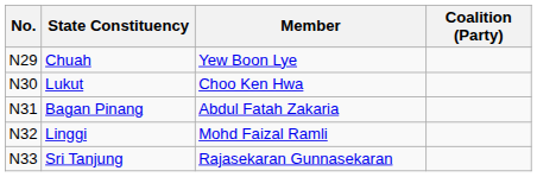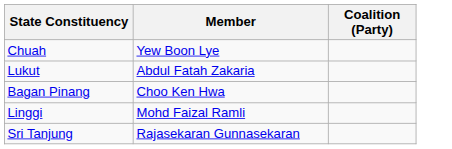 <table class="wikitable">
 <tr>
-<th width="30">No.</th>
 <th width="150">State Constituency</th>
 <th width="230">Member</th>
 <th width="100">Coalition (Party)</th>
 </tr>
 <tr>
-<td>N29</td>
 <td><a href='#'>Chuah</a></td>
 <td><a href='#'>Yew Boon Lye</a></td>
 <td></td>
 </tr>
 <tr>
-<td>N30</td>
 <td><a href='#'>Lukut</a></td>
+<td><a href='#'>Abdul Fatah Zakaria</a></td>
+<td></td>
+</tr>
+<tr>
+<td><a href='#'>Bagan Pinang</a></td>
 <td><a href='#'>Choo Ken Hwa</a></td>
 <td></td>
 </tr>
 <tr>
-<td>N31</td>
-<td><a href='#'>Bagan Pinang</a></td>
-<td><a href='#'>Abdul Fatah Zakaria</a></td>
-<td></td>
-</tr>
-<tr>
-<td>N32</td>
 <td><a href='#'>Linggi</a></td>
 <td><a href='#'>Mohd Faizal Ramli</a></td>
 <td></td>
 </tr>
 <tr>
-<td>N33</td>
 <td><a href='#'>Sri Tanjung</a></td>
 <td><a href='#'>Rajasekaran Gunnasekaran</a></td>
 <td></td>
 </tr>
 </table>
